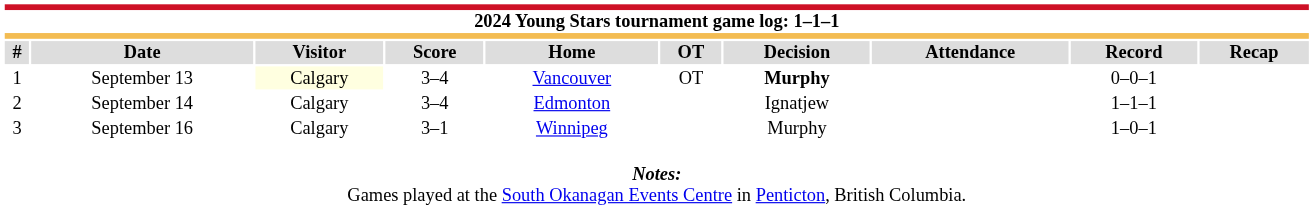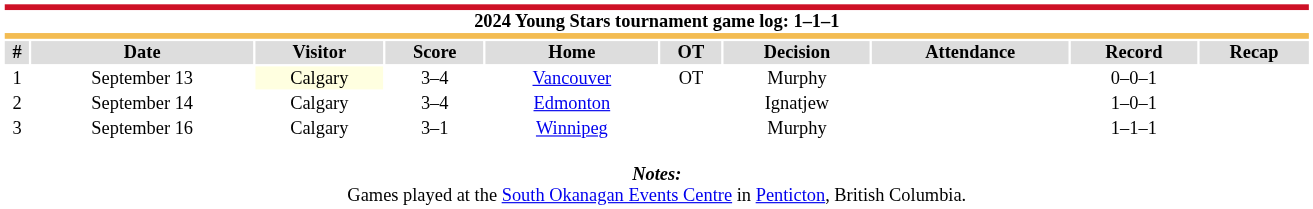 <table class="toccolours collapsible collapsed" style="width:90%; clear:both; margin:1.5em auto; text-align:center;">
 <tr>
 <th colspan="10" style="background:#FFFFFF; border-top:#CE1126 5px solid; border-bottom:#F3BC52 5px solid;">2024 Young Stars tournament game log: 1–1–1</th>
 </tr>
 <tr style="background:#ddd;">
 <th>#</th>
 <th>Date</th>
 <th>Visitor</th>
 <th>Score</th>
 <th>Home</th>
 <th>OT</th>
 <th>Decision</th>
 <th>Attendance</th>
 <th>Record</th>
 <th>Recap</th>
 </tr>
 <tr>
 <td>1</td>
 <td>September 13</td>
 <td style="background: lightyellow;">Calgary</td>
 <td>3–4</td>
 <td><a href='#'>Vancouver</a></td>
 <td>OT</td>
-<td><strong>Murphy</strong></td>
+<td>Murphy</td>
 <td></td>
 <td>0–0–1</td>
 <td></td>
 </tr>
 <tr>
 <td>2</td>
 <td>September 14</td>
 <td>Calgary</td>
 <td>3–4</td>
 <td><a href='#'>Edmonton</a></td>
 <td></td>
 <td>Ignatjew</td>
 <td></td>
-<td>1–1–1</td>
+<td>1–0–1</td>
 <td></td>
 </tr>
 <tr>
 <td>3</td>
 <td>September 16</td>
 <td>Calgary</td>
 <td>3–1</td>
 <td><a href='#'>Winnipeg</a></td>
 <td></td>
 <td>Murphy</td>
 <td></td>
-<td>1–0–1</td>
+<td>1–1–1</td>
 <td></td>
 </tr>
 <tr>
 <td colspan="10" style="text-align:center;"><br><strong><em>Notes:</em></strong><br> Games played at the <a href='#'>South Okanagan Events Centre</a> in <a href='#'>Penticton</a>, British Columbia.</td>
 </tr>
 </table>
